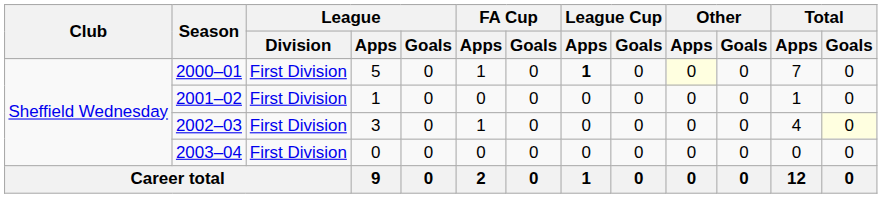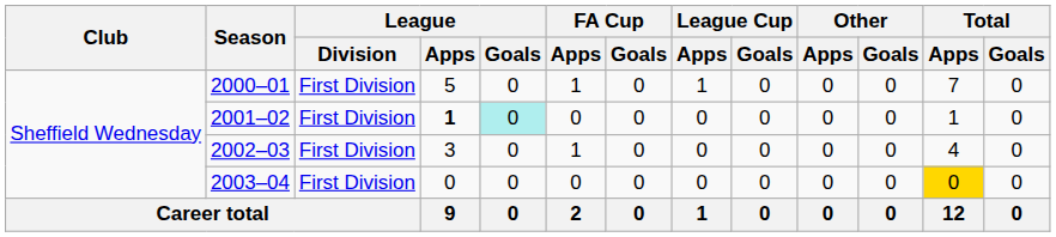 <table class="wikitable" style="text-align: center;">
 <tr>
 <th rowspan="2">Club</th>
 <th rowspan="2">Season</th>
 <th colspan="3">League</th>
 <th colspan="2">FA Cup</th>
 <th colspan="2">League Cup</th>
 <th colspan="2">Other</th>
 <th colspan="2">Total</th>
 </tr>
 <tr>
 <th>Division</th>
 <th>Apps</th>
 <th>Goals</th>
 <th>Apps</th>
 <th>Goals</th>
 <th>Apps</th>
 <th>Goals</th>
 <th>Apps</th>
 <th>Goals</th>
 <th>Apps</th>
 <th>Goals</th>
 </tr>
 <tr>
 <td rowspan=4><a href='#'>Sheffield Wednesday</a></td>
 <td><a href='#'>2000–01</a></td>
 <td><a href='#'>First Division</a></td>
 <td>5</td>
 <td>0</td>
 <td>1</td>
 <td>0</td>
-<td><strong>1</strong></td>
+<td>1</td>
 <td>0</td>
-<td style="background: lightyellow;">0</td>
+<td>0</td>
 <td>0</td>
 <td>7</td>
 <td>0</td>
 </tr>
 <tr>
 <td><a href='#'>2001–02</a></td>
 <td><a href='#'>First Division</a></td>
-<td>1</td>
-<td>0</td>
+<td><strong>1</strong></td>
+<td style="background: paleturquoise;">0</td>
 <td>0</td>
 <td>0</td>
 <td>0</td>
 <td>0</td>
 <td>0</td>
 <td>0</td>
 <td>1</td>
 <td>0</td>
 </tr>
 <tr>
 <td><a href='#'>2002–03</a></td>
 <td><a href='#'>First Division</a></td>
 <td>3</td>
 <td>0</td>
 <td>1</td>
 <td>0</td>
 <td>0</td>
 <td>0</td>
 <td>0</td>
 <td>0</td>
 <td>4</td>
-<td style="background: lightyellow;">0</td>
+<td>0</td>
 </tr>
 <tr>
 <td><a href='#'>2003–04</a></td>
 <td><a href='#'>First Division</a></td>
 <td>0</td>
 <td>0</td>
 <td>0</td>
 <td>0</td>
 <td>0</td>
 <td>0</td>
 <td>0</td>
 <td>0</td>
-<td>0</td>
+<td style="background: gold;">0</td>
 <td>0</td>
 </tr>
 <tr>
 <th colspan="3">Career total</th>
 <th>9</th>
 <th>0</th>
 <th>2</th>
 <th>0</th>
 <th>1</th>
 <th>0</th>
 <th>0</th>
 <th>0</th>
 <th>12</th>
 <th>0</th>
 </tr>
 </table>
